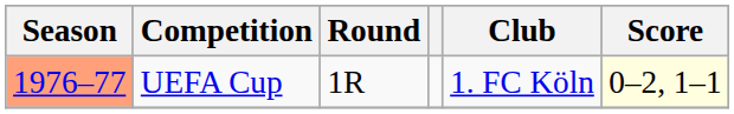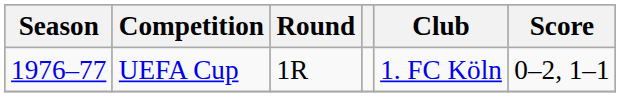 <table class="wikitable">
 <tr>
 <th>Season</th>
 <th>Competition</th>
 <th>Round</th>
 <th></th>
 <th>Club</th>
 <th>Score</th>
 </tr>
 <tr>
-<td style="background: lightsalmon;"><a href='#'>1976–77</a></td>
+<td><a href='#'>1976–77</a></td>
 <td><a href='#'>UEFA Cup</a></td>
 <td>1R</td>
 <td></td>
 <td><a href='#'>1. FC Köln</a></td>
-<td style="background: lightyellow;">0–2, 1–1</td>
+<td>0–2, 1–1</td>
 </tr>
 <tr>
 </tr>
 </table>
